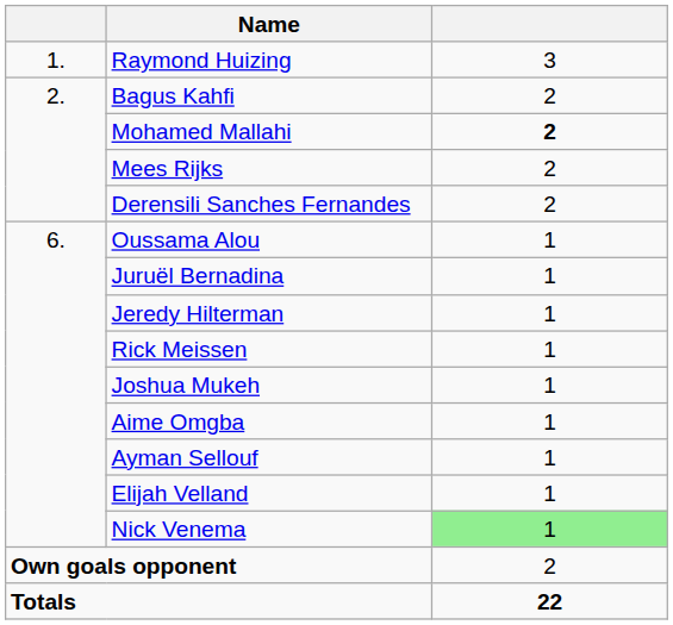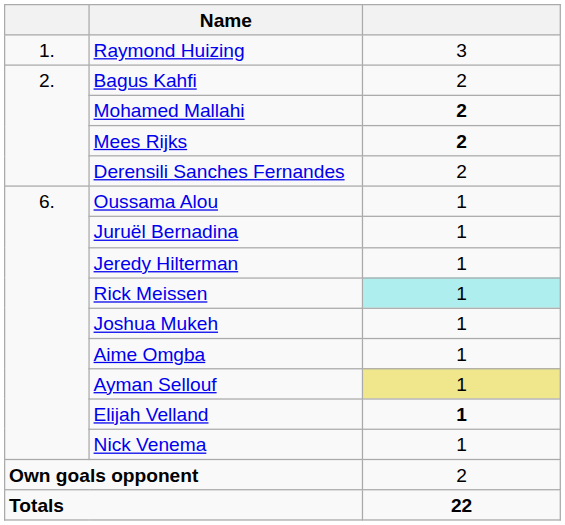 <table class="wikitable" style="font-size: 95%; text-align: center;">
 <tr>
 <th style="width: 60px;"></th>
 <th style="width: 210px;">Name</th>
 <th style="width: 150px;"></th>
 </tr>
 <tr>
 <td rowspan="1" style="vertical-align: top;">1.</td>
 <td style="text-align: left;"><strong></strong> <a href='#'>Raymond Huizing</a></td>
 <td>3</td>
 </tr>
 <tr>
 <td rowspan="4" style="vertical-align: top;">2.</td>
 <td style="text-align: left;"><strong></strong> <a href='#'>Bagus Kahfi</a></td>
 <td>2</td>
 </tr>
 <tr>
 <td style="text-align: left;"><strong></strong> <a href='#'>Mohamed Mallahi</a></td>
 <td><strong>2</strong></td>
 </tr>
 <tr>
 <td style="text-align: left;"><strong></strong> <a href='#'>Mees Rijks</a></td>
-<td>2</td>
+<td><strong>2</strong></td>
 </tr>
 <tr>
 <td style="text-align: left;"><strong></strong> <a href='#'>Derensili Sanches Fernandes</a></td>
 <td>2</td>
 </tr>
 <tr>
 <td rowspan="9" style="vertical-align: top;">6.</td>
 <td style="text-align: left;"><strong></strong> <a href='#'>Oussama Alou</a></td>
 <td>1</td>
 </tr>
 <tr>
 <td style="text-align: left;"><strong></strong> <a href='#'>Juruël Bernadina</a></td>
 <td>1</td>
 </tr>
 <tr>
 <td style="text-align: left;"><strong></strong> <a href='#'>Jeredy Hilterman</a></td>
 <td>1</td>
 </tr>
 <tr>
 <td style="text-align: left;"><strong></strong> <a href='#'>Rick Meissen</a></td>
-<td>1</td>
+<td style="background: paleturquoise;">1</td>
 </tr>
 <tr>
 <td style="text-align: left;"><strong></strong> <a href='#'>Joshua Mukeh</a></td>
 <td>1</td>
 </tr>
 <tr>
 <td style="text-align: left;"><strong></strong> <a href='#'>Aime Omgba</a></td>
 <td>1</td>
 </tr>
 <tr>
 <td style="text-align: left;"><strong></strong> <a href='#'>Ayman Sellouf</a></td>
-<td>1</td>
+<td style="background: khaki;">1</td>
 </tr>
 <tr>
 <td style="text-align: left;"><strong></strong> <a href='#'>Elijah Velland</a></td>
-<td>1</td>
+<td><strong>1</strong></td>
 </tr>
 <tr>
 <td style="text-align: left;"><strong></strong> <a href='#'>Nick Venema</a></td>
-<td style="background: lightgreen;">1</td>
+<td>1</td>
 </tr>
 <tr>
 <td colspan="2" style="text-align: left;"><strong>Own goals opponent</strong></td>
 <td>2</td>
 </tr>
 <tr>
 <td colspan="2" style="text-align: left;"><strong>Totals</strong></td>
 <td><strong>22</strong></td>
 </tr>
 </table>
